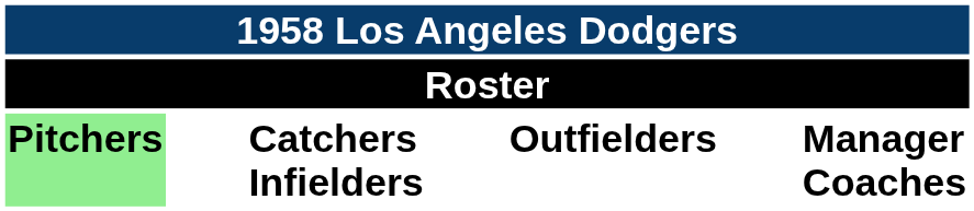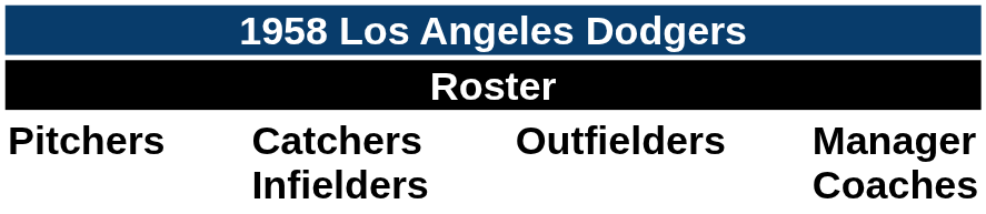 <table class="toccolours" style="font-size: 95%;">
 <tr>
 <th colspan="10" style="background-color: #083c6b; color: white; text-align: center;">1958 Los Angeles Dodgers</th>
 </tr>
 <tr>
 <td colspan="10" style="background-color: black; color: white; text-align: center;"><strong>Roster</strong></td>
 </tr>
 <tr>
-<td valign="top" style="background: lightgreen;"><strong>Pitchers</strong><br>                          </td>
+<td valign="top"><strong>Pitchers</strong><br>                          </td>
 <td width="25px"></td>
 <td valign="top"><strong>Catchers</strong><br>   <strong>Infielders</strong>          </td>
 <td width="25px"></td>
 <td valign="top"><strong>Outfielders</strong><br>          </td>
 <td width="25px"></td>
 <td valign="top"><strong>Manager</strong><br> <strong>Coaches</strong>    </td>
 </tr>
 </table>
